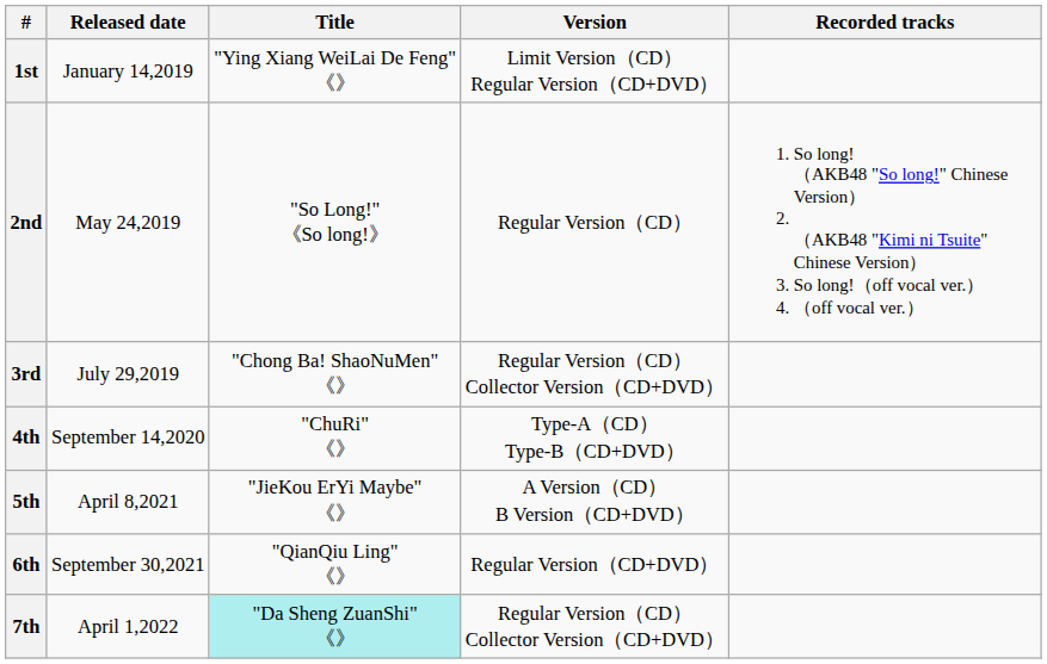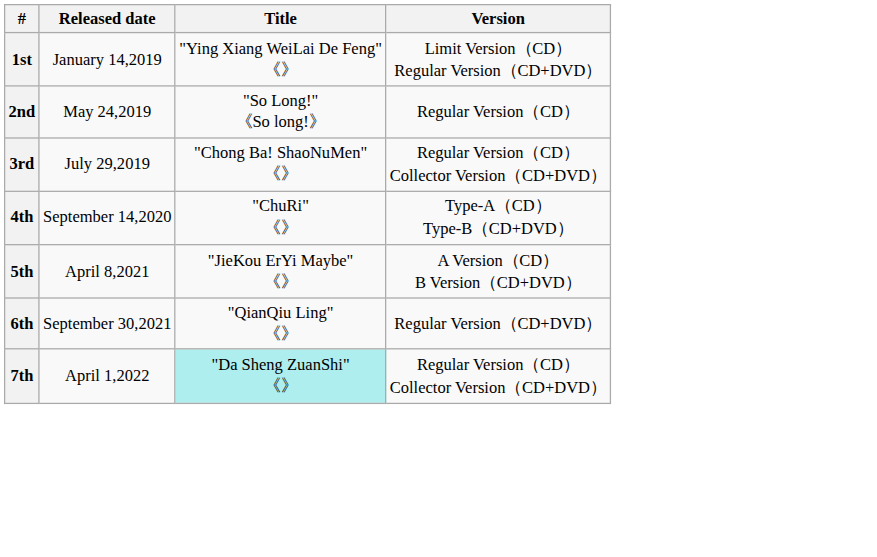 <table class="wikitable" style="text-align:center; font-size:small;">
 <tr>
 <th>#</th>
 <th>Released date</th>
 <th>Title</th>
 <th>Version</th>
-<th width="200px">Recorded tracks</th>
 </tr>
 <tr>
 <th>1st</th>
 <td>January 14,2019</td>
 <td>"Ying Xiang WeiLai De Feng"<br>《》</td>
 <td>Limit Version（CD）<br>Regular Version（CD+DVD）</td>
-<td align="left" style="font-size:90%;"><br></td>
 </tr>
 <tr>
 <th>2nd</th>
 <td>May 24,2019</td>
 <td>"So Long!"<br>《So long!》</td>
 <td>Regular Version（CD）</td>
-<td align="left" style="font-size: 90%;"><br><ol><li>So long!<br>（AKB48 "<a href='#'>So long!</a>" Chinese Version）</li><li><br>（AKB48 "<a href='#'>Kimi ni Tsuite</a>" Chinese Version）</li><li>So long!（off vocal ver.）</li><li>（off vocal ver.）</li></ol></td>
 </tr>
 <tr>
 <th>3rd</th>
 <td>July 29,2019</td>
 <td>"Chong Ba! ShaoNuMen"<br>《》</td>
 <td>Regular Version（CD）<br>Collector Version（CD+DVD）</td>
-<td align="left" style="font-size: 90%;"><br> </td>
 </tr>
 <tr>
 <th>4th</th>
 <td>September 14,2020</td>
 <td>"ChuRi"<br>《》</td>
 <td>Type-A（CD）<br>Type-B（CD+DVD）</td>
-<td align="left" style="font-size: 90%;"><br></td>
 </tr>
 <tr>
 <th>5th</th>
 <td>April 8,2021</td>
 <td>"JieKou ErYi Maybe"<br>《》</td>
 <td>A Version（CD）<br>B Version（CD+DVD）</td>
-<td align="left" style="font-size: 90%;"><br> </td>
 </tr>
 <tr>
 <th>6th</th>
 <td>September 30,2021</td>
 <td>"QianQiu Ling" <br>《》</td>
 <td>Regular Version（CD+DVD）</td>
-<td align="left" style="font-size: 90%;"><br> </td>
 </tr>
 <tr>
 <th>7th</th>
 <td>April 1,2022</td>
 <td style="background: paleturquoise;">"Da Sheng ZuanShi"<br>《》</td>
 <td>Regular Version（CD）<br>Collector Version（CD+DVD）</td>
-<td align="left" style="font-size: 90%;"><br> </td>
 </tr>
 </table>
